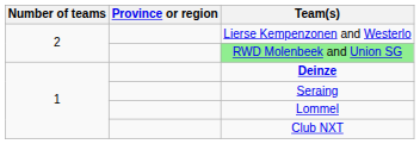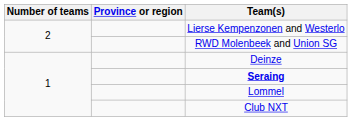 <table class="wikitable" style="text-align:center">
 <tr>
 <th>Number of teams</th>
 <th><a href='#'>Province</a> or region</th>
 <th>Team(s)</th>
 </tr>
 <tr>
 <td rowspan=2>2</td>
 <td align="left"></td>
 <td><a href='#'>Lierse Kempenzonen</a> and <a href='#'>Westerlo</a></td>
 </tr>
 <tr>
 <td align="left"></td>
-<td style="background: lightgreen;"><a href='#'>RWD Molenbeek</a> and <a href='#'>Union SG</a></td>
+<td><a href='#'>RWD Molenbeek</a> and <a href='#'>Union SG</a></td>
 </tr>
 <tr>
 <td rowspan=4>1</td>
 <td align="left"></td>
-<td><strong><a href='#'>Deinze</a></strong></td>
+<td><a href='#'>Deinze</a></td>
 </tr>
 <tr>
 <td align="left"></td>
-<td><a href='#'>Seraing</a></td>
+<td><strong><a href='#'>Seraing</a></strong></td>
 </tr>
 <tr>
 <td align="left"></td>
 <td><a href='#'>Lommel</a></td>
 </tr>
 <tr>
 <td align="left"></td>
 <td><a href='#'>Club NXT</a></td>
 </tr>
 </table>
